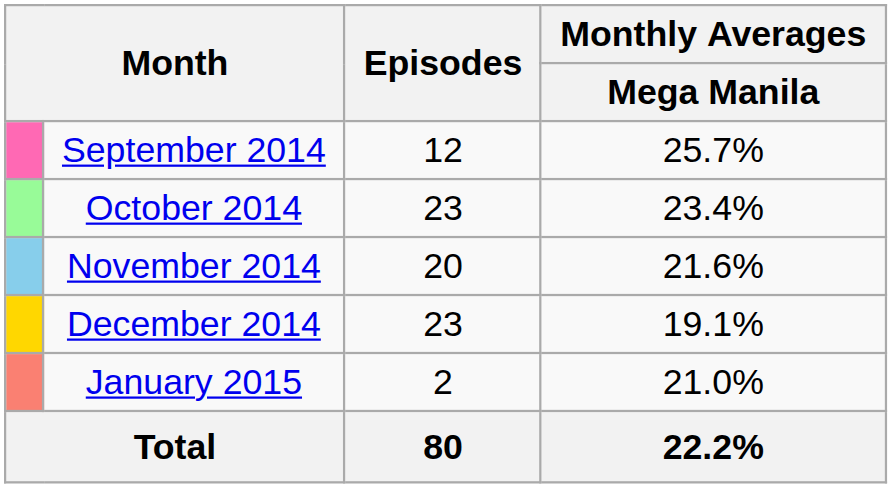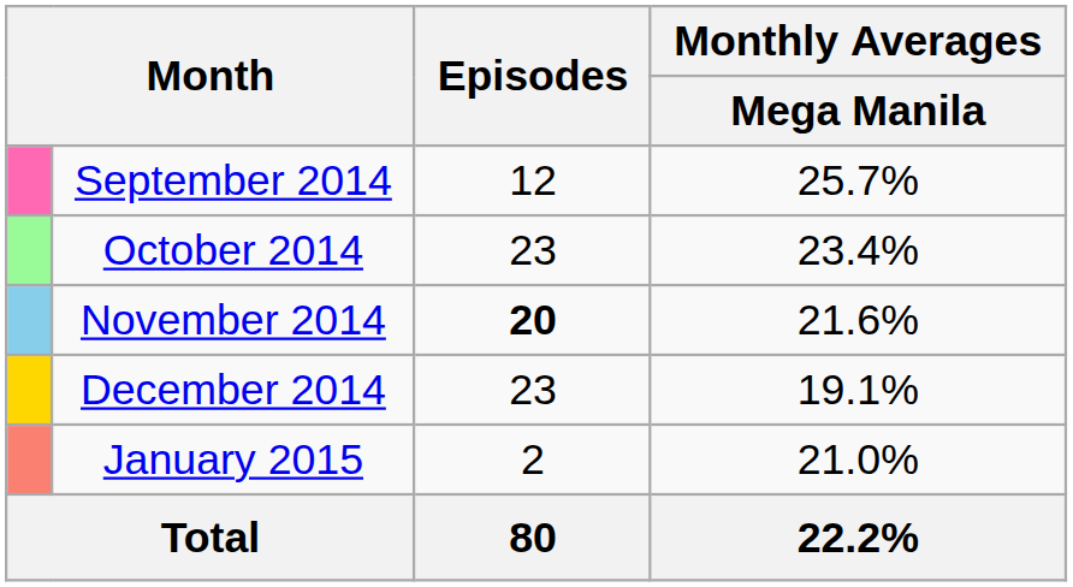 <table class="wikitable plainrowheaders" style="text-align: center; line-height:25px;">
 <tr class="wikitable" style="text-align: center;">
 <th colspan="2" rowspan="2" style="padding: 0 8px;">Month</th>
 <th rowspan="2" style="padding: 0 8px;">Episodes</th>
 <th colspan="2" style="padding: 0 8px;">Monthly Averages</th>
 </tr>
 <tr>
 <th style="padding: 0 8px;">Mega Manila</th>
 </tr>
 <tr>
 <td style="padding: 0 8px; background:#FF69B4;"></td>
 <td style="padding: 0 8px;" '><a href='#'>September 2014</a></td>
 <td style="padding: 0 8px;">12</td>
 <td style="padding: 0 8px;">25.7%</td>
 </tr>
 <tr>
 <td style="padding: 0 8px; background:#98FB98;"></td>
 <td style="padding: 0 8px;" '><a href='#'>October 2014</a></td>
 <td style="padding: 0 8px;">23</td>
 <td style="padding: 0 8px;">23.4%</td>
 </tr>
 <tr>
 <td style="padding: 0 8px; background:#87CEEB;"></td>
 <td style="padding: 0 8px;" '><a href='#'>November 2014</a></td>
-<td style="padding: 0 8px;">20</td>
+<td style="padding: 0 8px;"><strong>20</strong></td>
 <td style="padding: 0 8px;">21.6%</td>
 </tr>
 <tr>
 <td style="padding: 0 8px; background:#FFD700;"></td>
 <td style="padding: 0 8px;" '><a href='#'>December 2014</a></td>
 <td style="padding: 0 8px;">23</td>
 <td style="padding: 0 8px;">19.1%</td>
 </tr>
 <tr>
 <td style="padding: 0 8px; background:#FA8072;"></td>
 <td style="padding: 0 8px;" '><a href='#'>January 2015</a></td>
 <td style="padding: 0 8px;">2</td>
 <td style="padding: 0 8px;">21.0%</td>
 </tr>
 <tr>
 <th colspan="2">Total</th>
 <th colspan="1">80</th>
 <th colspan="2">22.2%</th>
 </tr>
 </table>
